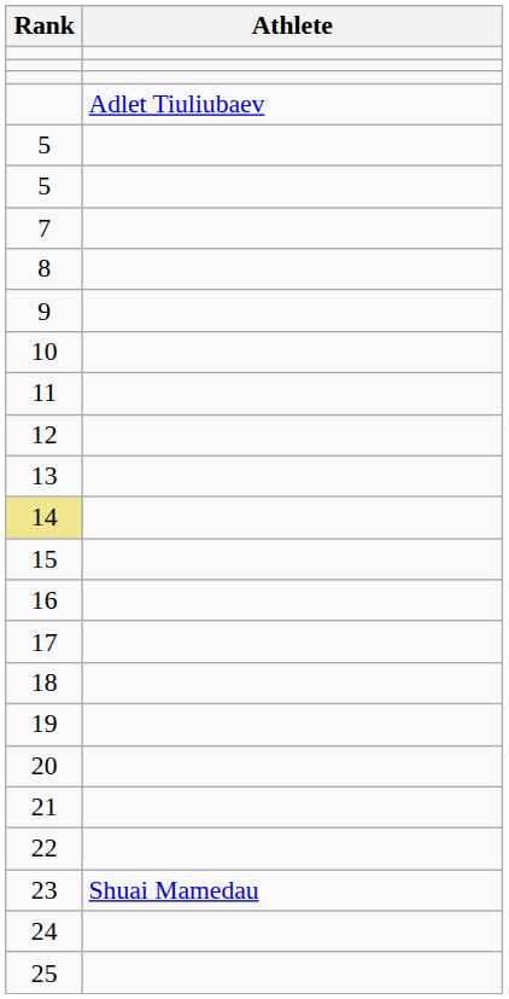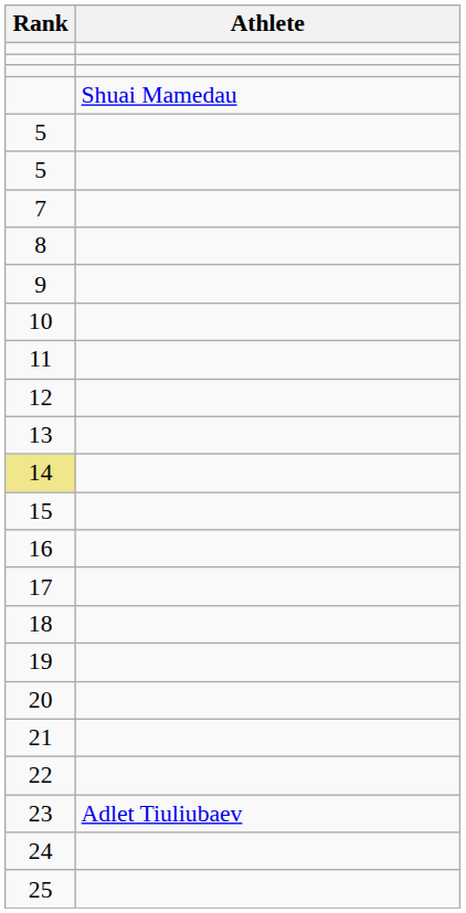 <table class="wikitable" style="text-align: center;">
 <tr>
 <th width=40>Rank</th>
 <th width=250>Athlete</th>
 </tr>
 <tr>
 <td></td>
 <td align="left"></td>
 </tr>
 <tr>
 <td></td>
 <td align="left"></td>
 </tr>
 <tr>
 <td></td>
 <td align="left"></td>
 </tr>
 <tr>
 <td></td>
-<td align="left"> <a href='#'>Adlet Tiuliubaev</a> </td>
+<td align="left"> <a href='#'>Shuai Mamedau</a> </td>
 </tr>
 <tr>
 <td>5</td>
 <td align="left"></td>
 </tr>
 <tr>
 <td>5</td>
 <td align="left"></td>
 </tr>
 <tr>
 <td>7</td>
 <td align="left"></td>
 </tr>
 <tr>
 <td>8</td>
 <td align="left"></td>
 </tr>
 <tr>
 <td>9</td>
 <td align="left"></td>
 </tr>
 <tr>
 <td>10</td>
 <td align="left"></td>
 </tr>
 <tr>
 <td>11</td>
 <td align="left"></td>
 </tr>
 <tr>
 <td>12</td>
 <td align="left"></td>
 </tr>
 <tr>
 <td>13</td>
 <td align="left"></td>
 </tr>
 <tr>
 <td style="background: khaki;">14</td>
 <td align="left"></td>
 </tr>
 <tr>
 <td>15</td>
 <td align="left"></td>
 </tr>
 <tr>
 <td>16</td>
 <td align="left"></td>
 </tr>
 <tr>
 <td>17</td>
 <td align="left"></td>
 </tr>
 <tr>
 <td>18</td>
 <td align="left"></td>
 </tr>
 <tr>
 <td>19</td>
 <td align="left"></td>
 </tr>
 <tr>
 <td>20</td>
 <td align="left"></td>
 </tr>
 <tr>
 <td>21</td>
 <td align="left"></td>
 </tr>
 <tr>
 <td>22</td>
 <td align="left"></td>
 </tr>
 <tr>
 <td>23</td>
-<td align="left"> <a href='#'>Shuai Mamedau</a> </td>
+<td align="left"> <a href='#'>Adlet Tiuliubaev</a> </td>
 </tr>
 <tr>
 <td>24</td>
 <td align="left"></td>
 </tr>
 <tr>
 <td>25</td>
 <td align="left"></td>
 </tr>
 </table>
